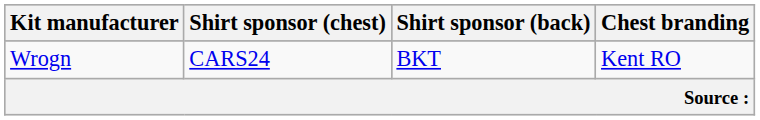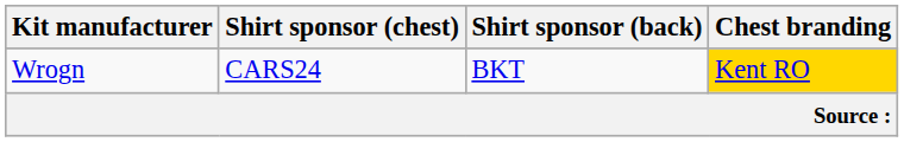 <table class="wikitable"  style="font-size:85%;">
 <tr>
 <th>Kit manufacturer</th>
 <th>Shirt sponsor (chest)</th>
 <th>Shirt sponsor (back)</th>
 <th>Chest branding</th>
 </tr>
 <tr>
 <td><a href='#'>Wrogn</a></td>
 <td><a href='#'>CARS24</a></td>
 <td><a href='#'>BKT</a></td>
-<td><a href='#'>Kent RO</a></td>
+<td style="background: gold;"><a href='#'>Kent RO</a></td>
 </tr>
 <tr>
 <th colspan="4" style="text-align:right;"><small> Source :</small></th>
 </tr>
 </table>
